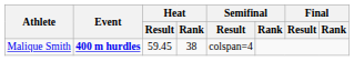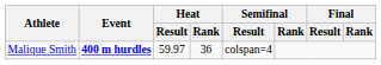 <table class="wikitable">
 <tr>
 <th rowspan="2">Athlete</th>
 <th rowspan="2">Event</th>
 <th colspan="2">Heat</th>
 <th colspan="2">Semifinal</th>
 <th colspan="2">Final</th>
 </tr>
 <tr>
 <th>Result</th>
 <th>Rank</th>
 <th>Result</th>
 <th>Rank</th>
 <th>Result</th>
 <th>Rank</th>
 </tr>
 <tr style=text-align:center>
 <td style=text-align:left><a href='#'>Malique Smith</a></td>
 <td style=text-align:left><strong><a href='#'>400 m hurdles</a></strong></td>
-<td>59.45</td>
-<td>38</td>
+<td>59.97</td>
+<td>36</td>
 <td>colspan=4 </td>
 </tr>
 </table>
